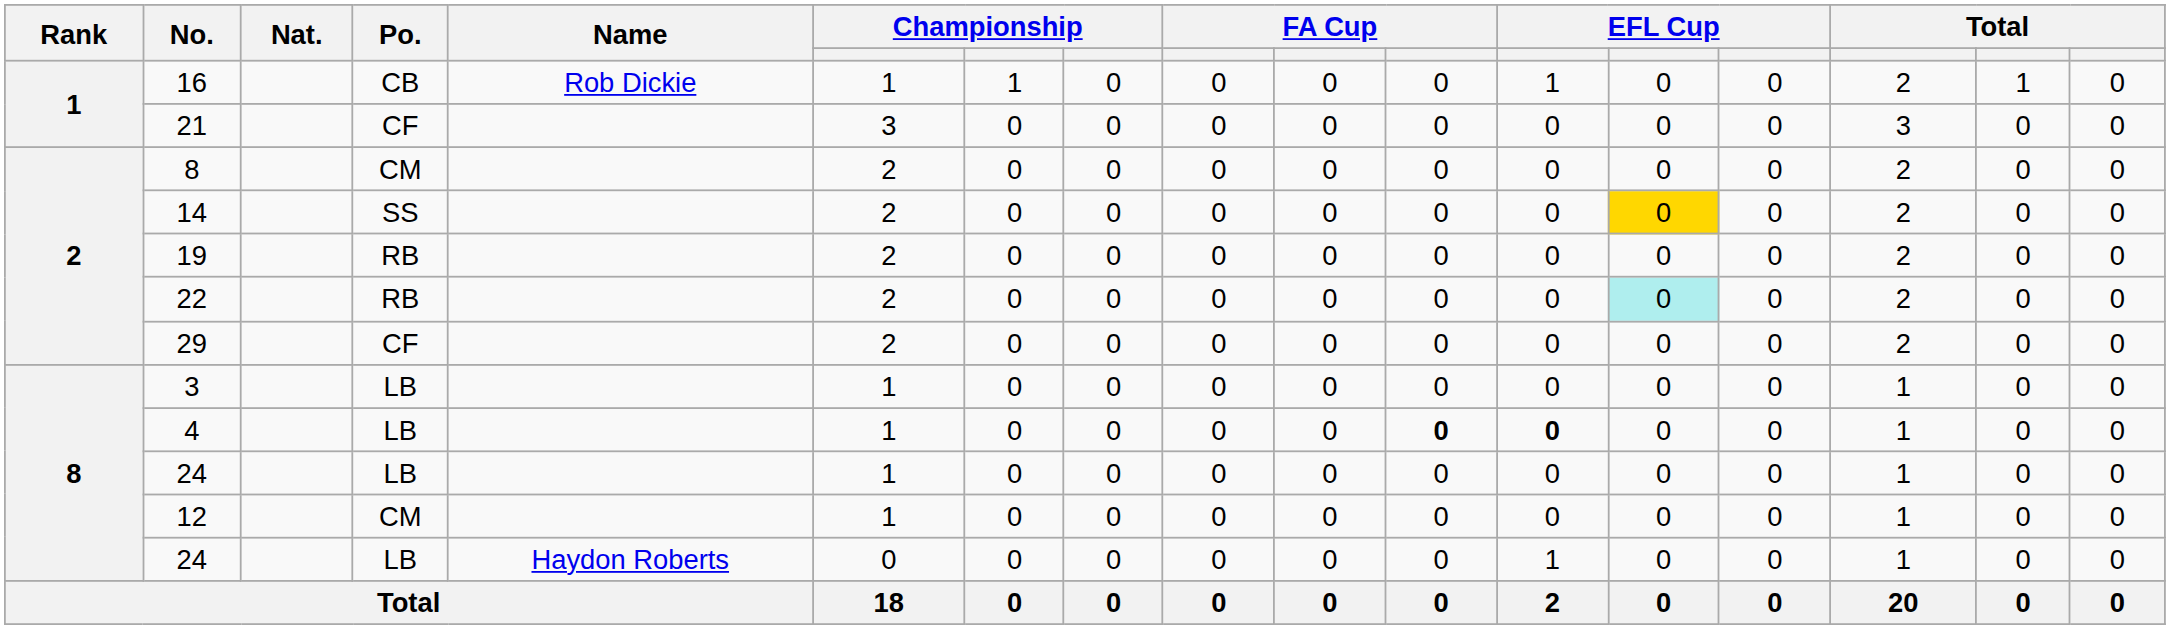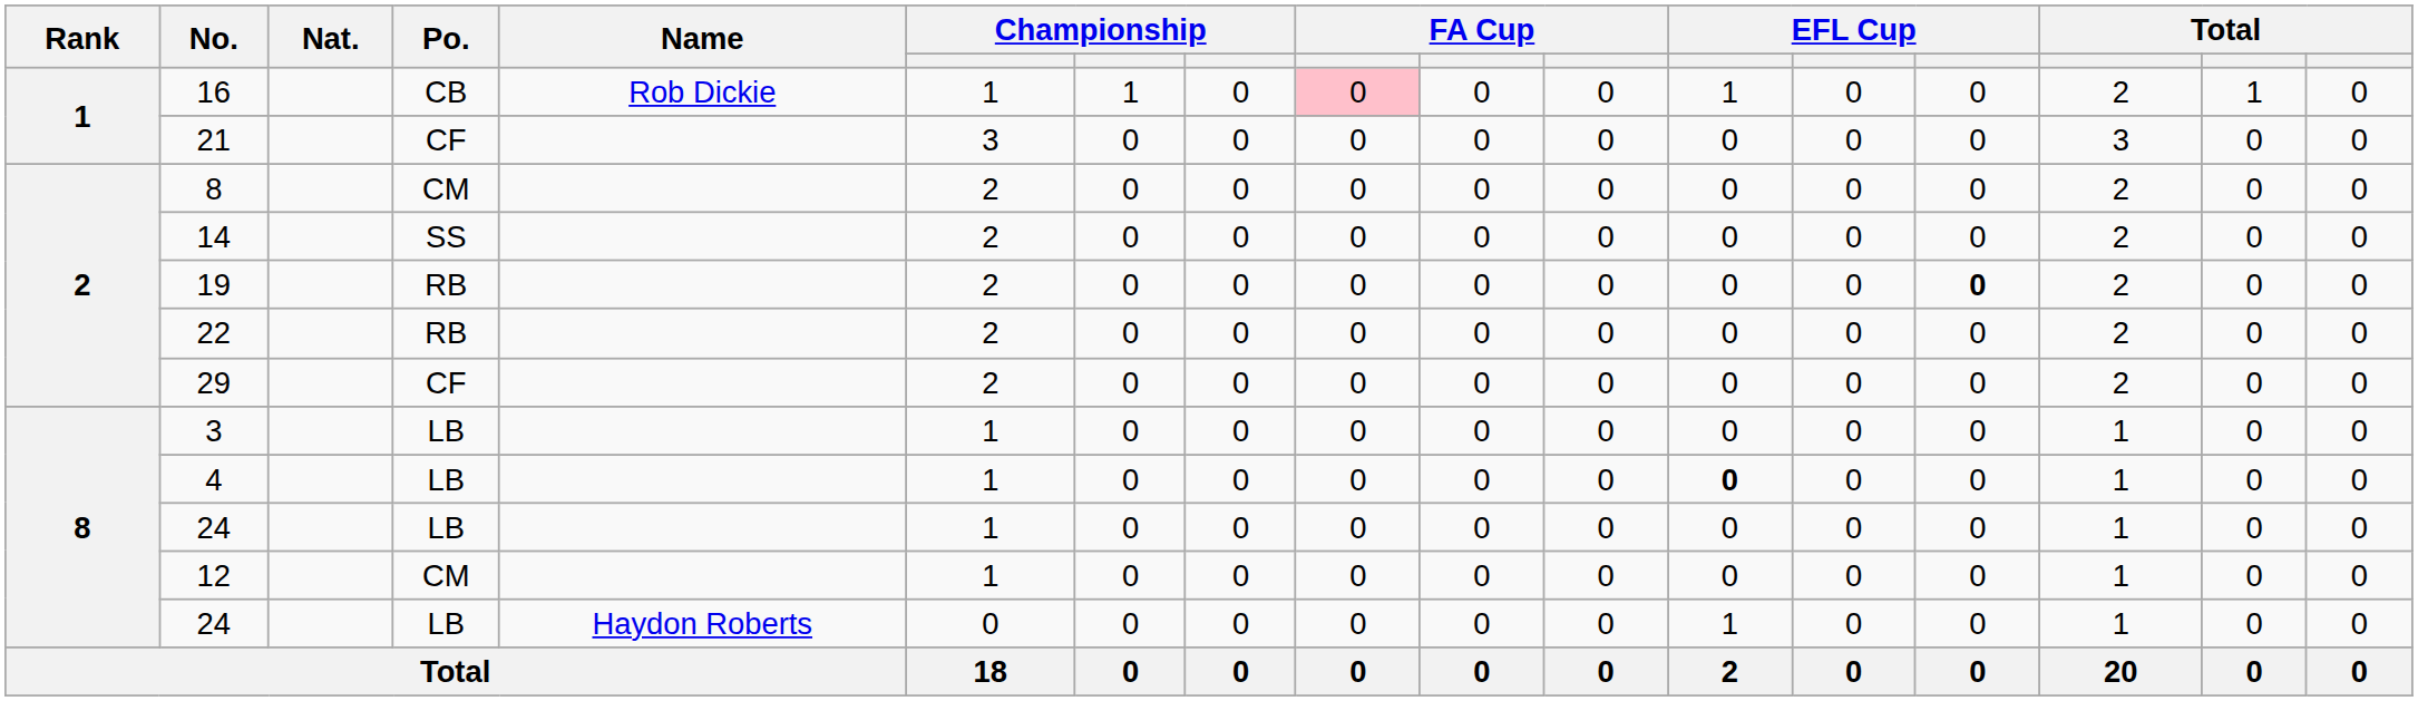 <table class="wikitable" style="text-align:center; font-size:95%; width:95%;">
 <tr>
 <th rowspan=2>Rank</th>
 <th rowspan=2>No.</th>
 <th rowspan=2>Nat.</th>
 <th rowspan=2>Po.</th>
 <th rowspan=2>Name</th>
 <th colspan=3 width=100px><a href='#'>Championship</a></th>
 <th colspan=3 width=100px><a href='#'>FA Cup</a></th>
 <th colspan=3 width=100px><a href='#'>EFL Cup</a></th>
 <th colspan=3 width=100px>Total</th>
 </tr>
 <tr>
 <th></th>
 <th></th>
 <th></th>
 <th></th>
 <th></th>
 <th></th>
 <th></th>
 <th></th>
 <th></th>
 <th></th>
 <th></th>
 <th></th>
 </tr>
 <tr>
 <th rowspan=2>1</th>
 <td>16</td>
 <td></td>
 <td>CB</td>
 <td><a href='#'>Rob Dickie</a></td>
 <td>1</td>
 <td>1</td>
 <td>0</td>
-<td>0</td>
+<td style="background: pink;">0</td>
 <td>0</td>
 <td>0</td>
 <td>1</td>
 <td>0</td>
 <td>0</td>
 <td>2</td>
 <td>1</td>
 <td>0</td>
 </tr>
 <tr>
 <td>21</td>
 <td></td>
 <td>CF</td>
 <td></td>
 <td>3</td>
 <td>0</td>
 <td>0</td>
 <td>0</td>
 <td>0</td>
 <td>0</td>
 <td>0</td>
 <td>0</td>
 <td>0</td>
 <td>3</td>
 <td>0</td>
 <td>0</td>
 </tr>
 <tr>
 <th rowspan=5>2</th>
 <td>8</td>
 <td></td>
 <td>CM</td>
 <td></td>
 <td>2</td>
 <td>0</td>
 <td>0</td>
 <td>0</td>
 <td>0</td>
 <td>0</td>
 <td>0</td>
 <td>0</td>
 <td>0</td>
 <td>2</td>
 <td>0</td>
 <td>0</td>
 </tr>
 <tr>
 <td>14</td>
 <td></td>
 <td>SS</td>
 <td></td>
 <td>2</td>
 <td>0</td>
 <td>0</td>
 <td>0</td>
 <td>0</td>
 <td>0</td>
 <td>0</td>
-<td style="background: gold;">0</td>
+<td>0</td>
 <td>0</td>
 <td>2</td>
 <td>0</td>
 <td>0</td>
 </tr>
 <tr>
 <td>19</td>
 <td></td>
 <td>RB</td>
 <td></td>
 <td>2</td>
 <td>0</td>
 <td>0</td>
 <td>0</td>
 <td>0</td>
 <td>0</td>
 <td>0</td>
 <td>0</td>
-<td>0</td>
+<td><strong>0</strong></td>
 <td>2</td>
 <td>0</td>
 <td>0</td>
 </tr>
 <tr>
 <td>22</td>
 <td></td>
 <td>RB</td>
 <td></td>
 <td>2</td>
 <td>0</td>
 <td>0</td>
 <td>0</td>
 <td>0</td>
 <td>0</td>
 <td>0</td>
-<td style="background: paleturquoise;">0</td>
+<td>0</td>
 <td>0</td>
 <td>2</td>
 <td>0</td>
 <td>0</td>
 </tr>
 <tr>
 <td>29</td>
 <td></td>
 <td>CF</td>
 <td></td>
 <td>2</td>
 <td>0</td>
 <td>0</td>
 <td>0</td>
 <td>0</td>
 <td>0</td>
 <td>0</td>
 <td>0</td>
 <td>0</td>
 <td>2</td>
 <td>0</td>
 <td>0</td>
 </tr>
 <tr>
 <th rowspan=5>8</th>
 <td>3</td>
 <td></td>
 <td>LB</td>
 <td></td>
 <td>1</td>
 <td>0</td>
 <td>0</td>
 <td>0</td>
 <td>0</td>
 <td>0</td>
 <td>0</td>
 <td>0</td>
 <td>0</td>
 <td>1</td>
 <td>0</td>
 <td>0</td>
 </tr>
 <tr>
 <td>4</td>
 <td></td>
 <td>LB</td>
 <td></td>
 <td>1</td>
 <td>0</td>
 <td>0</td>
 <td>0</td>
 <td>0</td>
-<td><strong>0</strong></td>
+<td>0</td>
 <td><strong>0</strong></td>
 <td>0</td>
 <td>0</td>
 <td>1</td>
 <td>0</td>
 <td>0</td>
 </tr>
 <tr>
 <td>24</td>
 <td></td>
 <td>LB</td>
 <td></td>
 <td>1</td>
 <td>0</td>
 <td>0</td>
 <td>0</td>
 <td>0</td>
 <td>0</td>
 <td>0</td>
 <td>0</td>
 <td>0</td>
 <td>1</td>
 <td>0</td>
 <td>0</td>
 </tr>
 <tr>
 <td>12</td>
 <td></td>
 <td>CM</td>
 <td></td>
 <td>1</td>
 <td>0</td>
 <td>0</td>
 <td>0</td>
 <td>0</td>
 <td>0</td>
 <td>0</td>
 <td>0</td>
 <td>0</td>
 <td>1</td>
 <td>0</td>
 <td>0</td>
 </tr>
 <tr>
 <td>24</td>
 <td></td>
 <td>LB</td>
 <td><a href='#'>Haydon Roberts</a></td>
 <td>0</td>
 <td>0</td>
 <td>0</td>
 <td>0</td>
 <td>0</td>
 <td>0</td>
 <td>1</td>
 <td>0</td>
 <td>0</td>
 <td>1</td>
 <td>0</td>
 <td>0</td>
 </tr>
 <tr>
 <th colspan=5>Total</th>
 <th>18</th>
 <th>0</th>
 <th>0</th>
 <th>0</th>
 <th>0</th>
 <th>0</th>
 <th>2</th>
 <th>0</th>
 <th>0</th>
 <th>20</th>
 <th>0</th>
 <th>0</th>
 </tr>
 </table>
